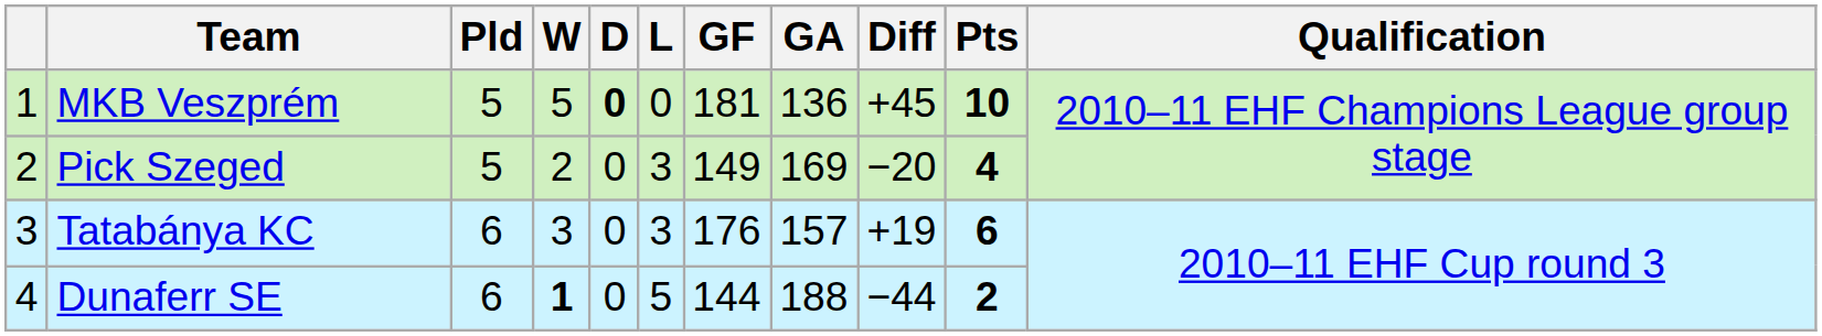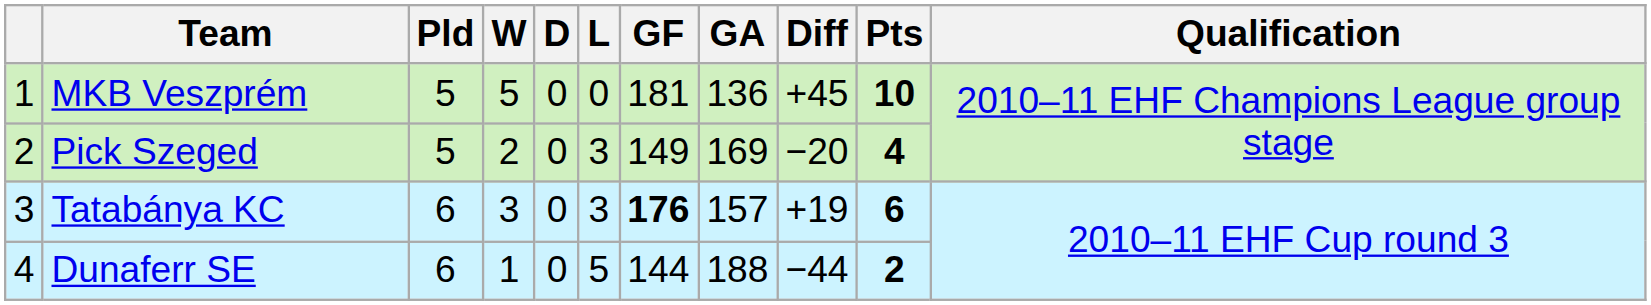 <table class="wikitable sortable" style="text-align:center">
 <tr>
 <th></th>
 <th width="150">Team</th>
 <th>Pld</th>
 <th>W</th>
 <th>D</th>
 <th>L</th>
 <th>GF</th>
 <th>GA</th>
 <th>Diff</th>
 <th>Pts</th>
 <th width="300">Qualification</th>
 </tr>
 <tr style="background: #D0F0C0;">
 <td>1</td>
 <td align=left><a href='#'>MKB Veszprém</a></td>
 <td>5</td>
 <td>5</td>
-<td><strong>0</strong></td>
+<td>0</td>
 <td>0</td>
 <td>181</td>
 <td>136</td>
 <td>+45</td>
 <td><strong>10</strong></td>
 <td rowspan="2"><a href='#'>2010–11 EHF Champions League group stage</a></td>
 </tr>
 <tr style="background: #D0F0C0;">
 <td>2</td>
 <td align=left><a href='#'>Pick Szeged</a></td>
 <td>5</td>
 <td>2</td>
 <td>0</td>
 <td>3</td>
 <td>149</td>
 <td>169</td>
 <td>−20</td>
 <td><strong>4</strong></td>
 </tr>
 <tr style="background: #CCF3FF;">
 <td>3</td>
 <td align=left><a href='#'>Tatabánya KC</a></td>
 <td>6</td>
 <td>3</td>
 <td>0</td>
 <td>3</td>
-<td>176</td>
+<td><strong>176</strong></td>
 <td>157</td>
 <td>+19</td>
 <td><strong>6</strong></td>
 <td rowspan="2"><a href='#'>2010–11 EHF Cup round 3</a></td>
 </tr>
 <tr style="background: #CCF3FF;">
 <td>4</td>
 <td align=left><a href='#'>Dunaferr SE</a></td>
 <td>6</td>
-<td><strong>1</strong></td>
+<td>1</td>
 <td>0</td>
 <td>5</td>
 <td>144</td>
 <td>188</td>
 <td>−44</td>
 <td><strong>2</strong></td>
 </tr>
 </table>
